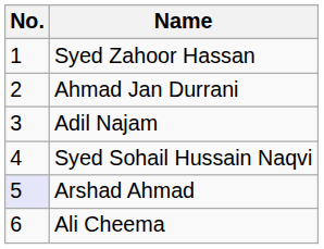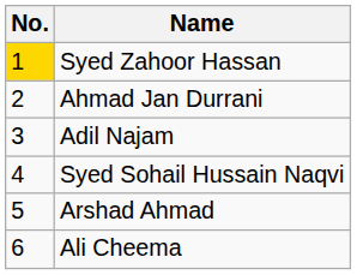 <table class="wikitable sortable">
 <tr>
 <th>No.</th>
 <th>Name</th>
 </tr>
 <tr>
-<td>1</td>
+<td style="background: gold;">1</td>
 <td>Syed Zahoor Hassan</td>
 </tr>
 <tr>
 <td>2</td>
 <td>Ahmad Jan Durrani</td>
 </tr>
 <tr>
 <td>3</td>
 <td>Adil Najam</td>
 </tr>
 <tr>
 <td>4</td>
 <td>Syed Sohail Hussain Naqvi</td>
 </tr>
 <tr>
-<td style="background: lavender;">5</td>
+<td>5</td>
 <td>Arshad Ahmad</td>
 </tr>
 <tr>
 <td>6</td>
 <td>Ali Cheema</td>
 </tr>
 </table>
